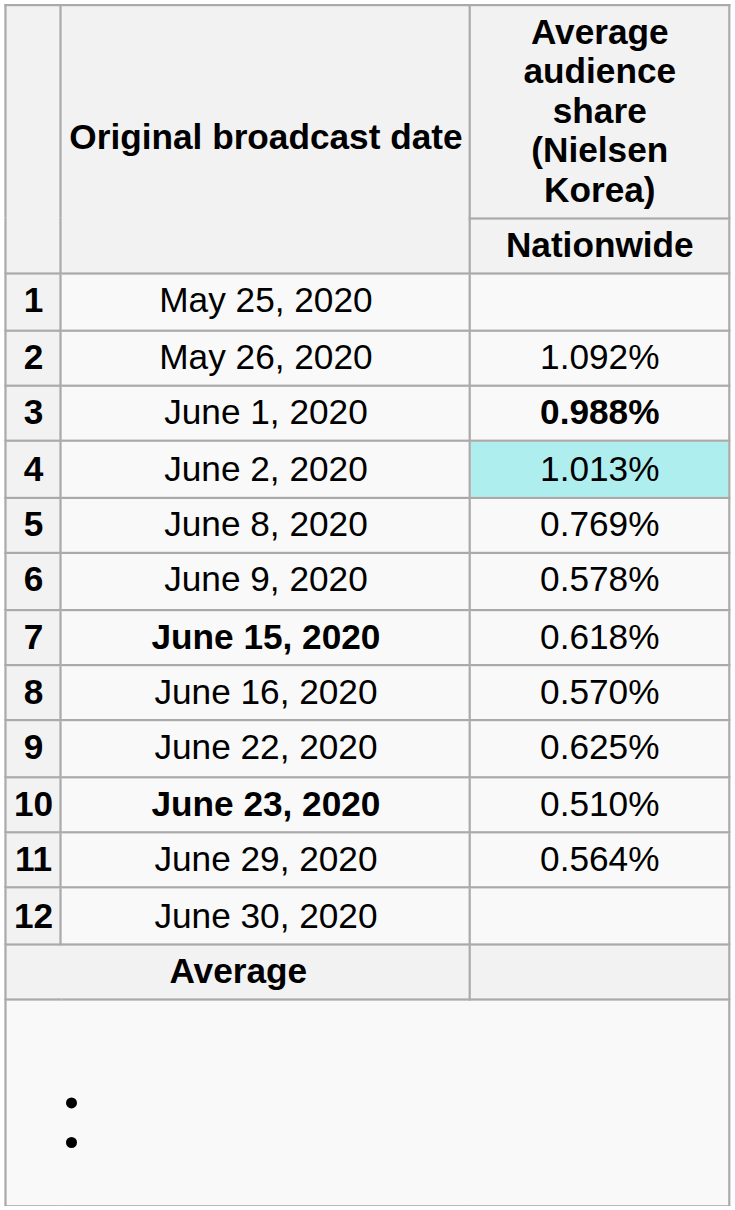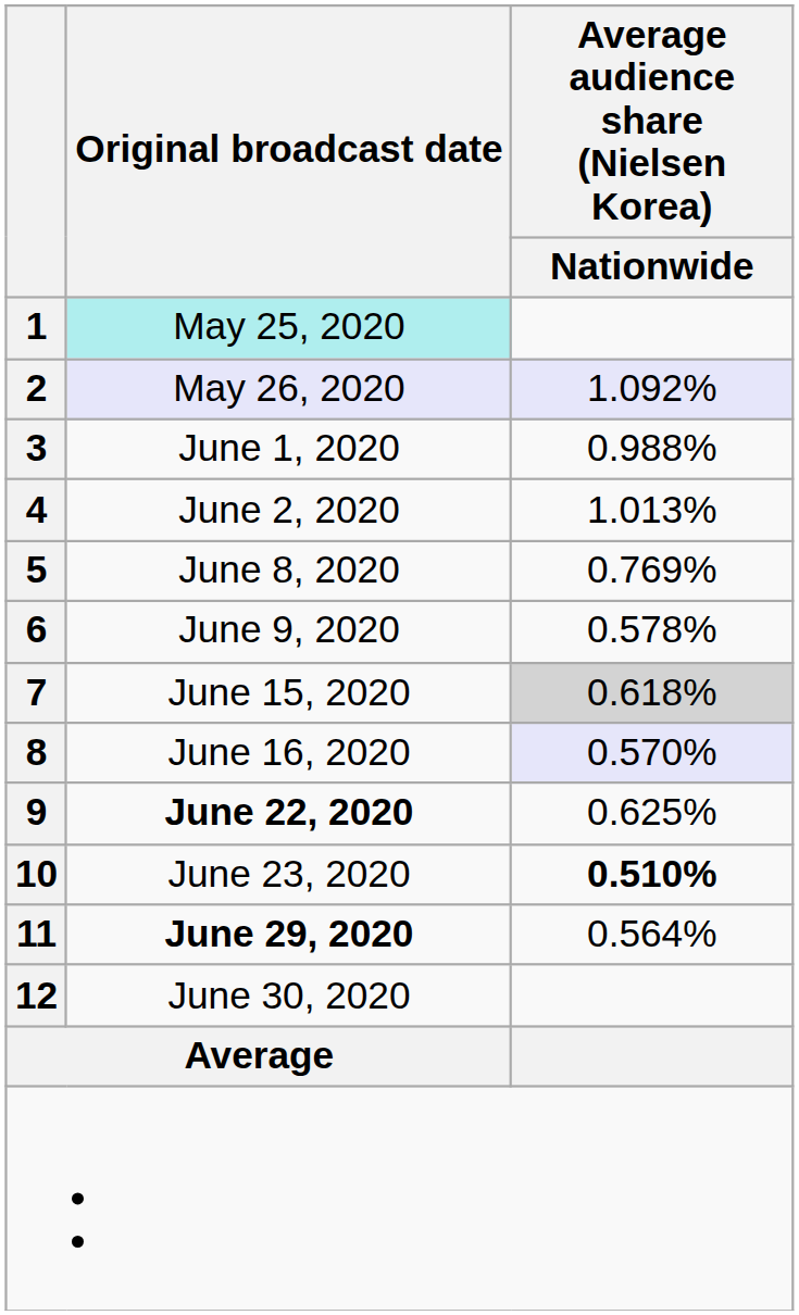 <table class="wikitable" style="text-align:center;max-width:400px; margin-left: auto; margin-right: auto; border: none;">
 <tr>
 </tr>
 <tr>
 <th rowspan="2"></th>
 <th rowspan="2">Original broadcast date</th>
 <th colspan="2">Average audience share<br>(Nielsen Korea)</th>
 </tr>
 <tr>
 <th width="110">Nationwide</th>
 </tr>
 <tr>
 <th>1</th>
-<td>May 25, 2020</td>
+<td style="background: paleturquoise;">May 25, 2020</td>
 <td></td>
 </tr>
 <tr>
 <th>2</th>
-<td>May 26, 2020</td>
-<td>1.092%</td>
+<td style="background: lavender;">May 26, 2020</td>
+<td style="background: lavender;">1.092%</td>
 </tr>
 <tr>
 <th>3</th>
 <td>June 1, 2020</td>
-<td><strong>0.988%</strong></td>
+<td>0.988%</td>
 </tr>
 <tr>
 <th>4</th>
 <td>June 2, 2020</td>
-<td style="background: paleturquoise;">1.013%</td>
+<td>1.013%</td>
 </tr>
 <tr>
 <th>5</th>
 <td>June 8, 2020</td>
 <td>0.769%</td>
 </tr>
 <tr>
 <th>6</th>
 <td>June 9, 2020</td>
 <td>0.578%</td>
 </tr>
 <tr>
 <th>7</th>
-<td><strong>June 15, 2020</strong></td>
-<td>0.618%</td>
+<td>June 15, 2020</td>
+<td style="background: lightgrey;">0.618%</td>
 </tr>
 <tr>
 <th>8</th>
 <td>June 16, 2020</td>
-<td>0.570%</td>
+<td style="background: lavender;">0.570%</td>
 </tr>
 <tr>
 <th>9</th>
-<td>June 22, 2020</td>
+<td><strong>June 22, 2020</strong></td>
 <td>0.625%</td>
 </tr>
 <tr>
 <th>10</th>
-<td><strong>June 23, 2020</strong></td>
-<td>0.510%</td>
+<td>June 23, 2020</td>
+<td><strong>0.510%</strong></td>
 </tr>
 <tr>
 <th>11</th>
-<td>June 29, 2020</td>
+<td><strong>June 29, 2020</strong></td>
 <td>0.564%</td>
 </tr>
 <tr>
 <th>12</th>
 <td>June 30, 2020</td>
 <td></td>
 </tr>
 <tr>
 <th colspan="2">Average</th>
 <th></th>
 </tr>
 <tr>
 <td colspan="6"><br><ul><li></li><li></li></ul></td>
 </tr>
 </table>
